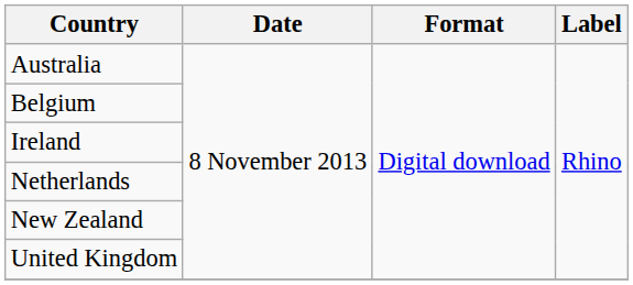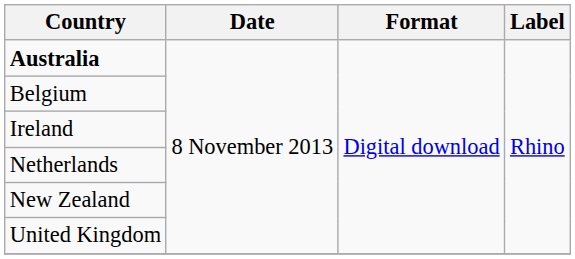 <table class="wikitable">
 <tr>
 <th>Country</th>
 <th>Date</th>
 <th>Format</th>
 <th>Label</th>
 </tr>
 <tr>
-<td>Australia</td>
+<td><strong>Australia</strong></td>
 <td rowspan="6">8 November 2013</td>
 <td rowspan="6"><a href='#'>Digital download</a></td>
 <td rowspan="6"><a href='#'>Rhino</a></td>
 </tr>
 <tr>
 <td>Belgium</td>
 </tr>
 <tr>
 <td>Ireland</td>
 </tr>
 <tr>
 <td>Netherlands</td>
 </tr>
 <tr>
 <td>New Zealand</td>
 </tr>
 <tr>
 <td>United Kingdom</td>
 </tr>
 <tr>
 </tr>
 </table>
